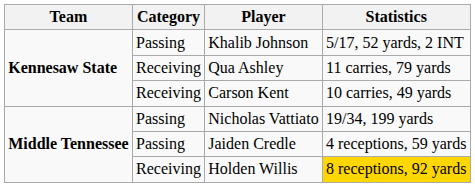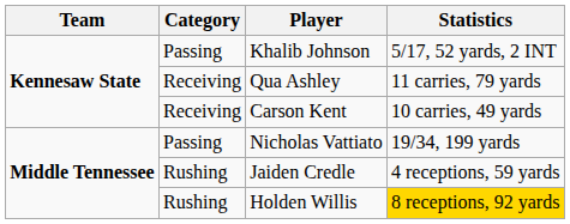 <table class="wikitable" style="float: left;">
 <tr>
 <th>Team</th>
 <th>Category</th>
 <th>Player</th>
 <th>Statistics</th>
 </tr>
 <tr>
 <td rowspan=3><strong>Kennesaw State</strong></td>
 <td>Passing</td>
 <td>Khalib Johnson</td>
 <td>5/17, 52 yards, 2 INT</td>
 </tr>
 <tr>
 <td>Receiving</td>
 <td>Qua Ashley</td>
 <td>11 carries, 79 yards</td>
 </tr>
 <tr>
 <td>Receiving</td>
 <td>Carson Kent</td>
 <td>10 carries, 49 yards</td>
 </tr>
 <tr>
 <td rowspan=3><strong>Middle Tennessee</strong></td>
 <td>Passing</td>
 <td>Nicholas Vattiato</td>
 <td>19/34, 199 yards</td>
 </tr>
 <tr>
-<td>Passing</td>
+<td>Rushing</td>
 <td>Jaiden Credle</td>
 <td>4 receptions, 59 yards</td>
 </tr>
 <tr>
-<td>Receiving</td>
+<td>Rushing</td>
 <td>Holden Willis</td>
 <td style="background: gold;">8 receptions, 92 yards</td>
 </tr>
 </table>
